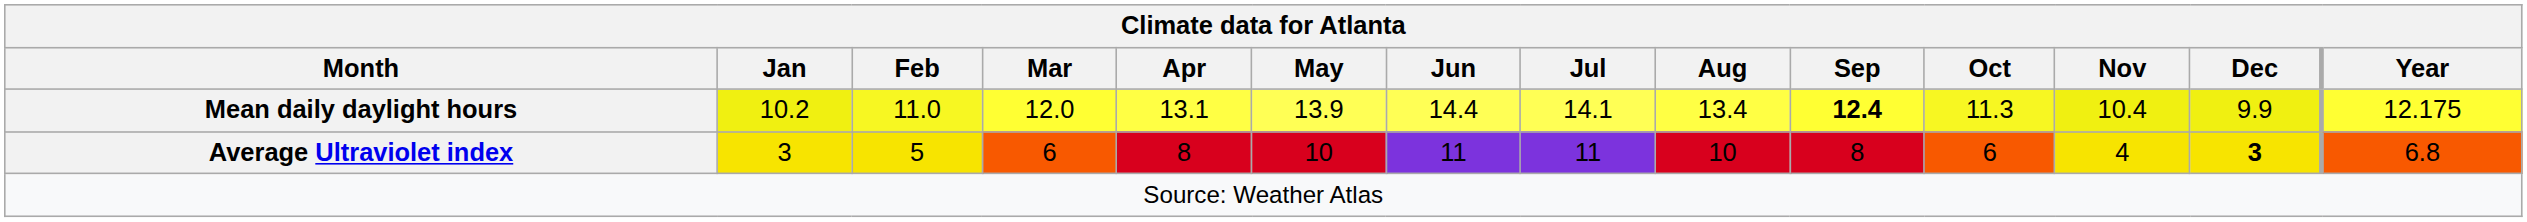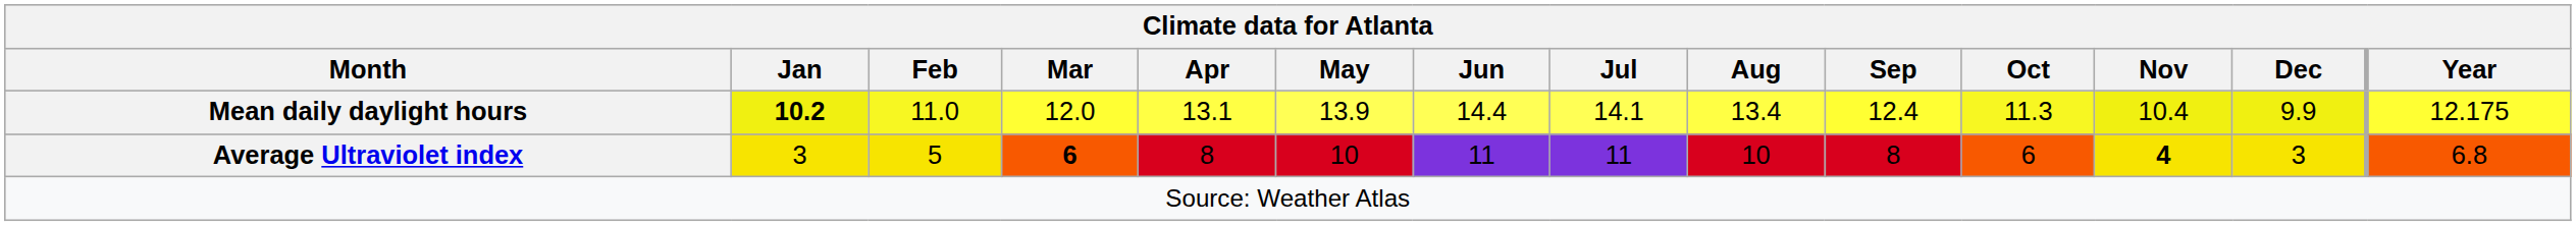 <table style="width:100%;text-align:center;line-height:1.2em;margin-left:auto;margin-right:auto" class="wikitable mw-collapsible">
 <tr>
 <th Colspan=14>Climate data for Atlanta</th>
 </tr>
 <tr>
 <th>Month</th>
 <th>Jan</th>
 <th>Feb</th>
 <th>Mar</th>
 <th>Apr</th>
 <th>May</th>
 <th>Jun</th>
 <th>Jul</th>
 <th>Aug</th>
 <th>Sep</th>
 <th>Oct</th>
 <th>Nov</th>
 <th>Dec</th>
 <th style="border-left-width:medium">Year</th>
 </tr>
 <tr>
 <th>Mean daily daylight hours</th>
-<td style="background:#f0f011; color:#000;">10.2</td>
+<td style="background:#f0f011; color:#000;"><strong>10.2</strong></td>
 <td style="background:#f7f722; color:#000;">11.0</td>
 <td style="background:#ff3; color:#000;">12.0</td>
 <td style="background:#ff4; color:#000;">13.1</td>
 <td style="background:#ff5; color:#000;">13.9</td>
 <td style="background:#ff5; color:#000;">14.4</td>
 <td style="background:#ff5; color:#000;">14.1</td>
 <td style="background:#ff4; color:#000;">13.4</td>
-<td style="background:#ff3; color:#000;"><strong>12.4</strong></td>
+<td style="background:#ff3; color:#000;">12.4</td>
 <td style="background:#f7f722; color:#000;">11.3</td>
 <td style="background:#f0f011; color:#000;">10.4</td>
 <td style="background:#f0f011; color:#000;">9.9</td>
 <td style="background:#ff3; color:#000; border-left-width:medium;">12.175</td>
 </tr>
 <tr>
 <th>Average <a href='#'>Ultraviolet index</a></th>
 <td style="background:#f7e400; color:#000;">3</td>
 <td style="background:#f7e400; color:#000;">5</td>
-<td style="background:#f85900; color:#000;">6</td>
+<td style="background:#f85900; color:#000;"><strong>6</strong></td>
 <td style="background:#d8001d; color:#000;">8</td>
 <td style="background:#d8001d; color:#000;">10</td>
 <td style="background:#7c33dd; color:#000;">11</td>
 <td style="background:#7c33dd; color:#000;">11</td>
 <td style="background:#d8001d; color:#000;">10</td>
 <td style="background:#d8001d; color:#000;">8</td>
 <td style="background:#f85900; color:#000;">6</td>
-<td style="background:#f7e400; color:#000;">4</td>
-<td style="background:#f7e400; color:#000;"><strong>3</strong></td>
+<td style="background:#f7e400; color:#000;"><strong>4</strong></td>
+<td style="background:#f7e400; color:#000;">3</td>
 <td style="background:#f85900; color:#000; border-left-width:medium;">6.8</td>
 </tr>
 <tr>
 <th Colspan=14 style="background:#f8f9fa;font-weight:normal;font-size:95%;">Source: Weather Atlas</th>
 </tr>
 </table>
